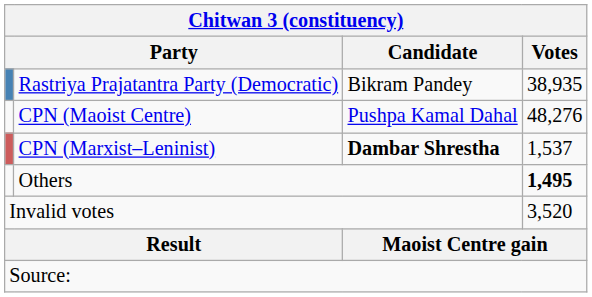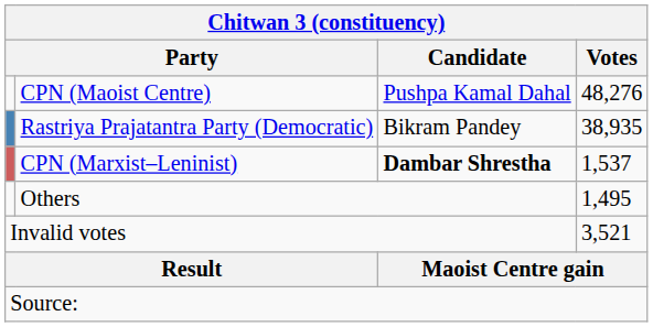 <table class="wikitable">
 <tr>
 <th colspan="4"><a href='#'>Chitwan 3 (constituency)</a></th>
 </tr>
 <tr>
 <th colspan="2">Party</th>
 <th>Candidate</th>
 <th>Votes</th>
 </tr>
 <tr>
+<td style="background-color:"></td>
+<td><a href='#'>CPN (Maoist Centre)</a></td>
+<td><a href='#'>Pushpa Kamal Dahal</a></td>
+<td>48,276</td>
+</tr>
+<tr>
 <td style="background-color:steelblue"></td>
 <td><a href='#'>Rastriya Prajatantra Party (Democratic)</a></td>
 <td>Bikram Pandey</td>
 <td>38,935</td>
-</tr>
-<tr>
-<td style="background-color:"></td>
-<td><a href='#'>CPN (Maoist Centre)</a></td>
-<td><a href='#'>Pushpa Kamal Dahal</a></td>
-<td>48,276</td>
 </tr>
 <tr>
 <td style="background-color:indianred"></td>
 <td><a href='#'>CPN (Marxist–Leninist)</a></td>
 <td><strong>Dambar Shrestha</strong></td>
 <td>1,537</td>
 </tr>
 <tr>
 <td></td>
 <td colspan="2">Others</td>
-<td><strong>1,495</strong></td>
+<td>1,495</td>
 </tr>
 <tr>
 <td colspan="3">Invalid votes</td>
-<td>3,520</td>
+<td>3,521</td>
 </tr>
 <tr>
 <th colspan="2">Result</th>
 <th colspan="2">Maoist Centre gain</th>
 </tr>
 <tr>
 <td colspan="4">Source: </td>
 </tr>
 </table>
